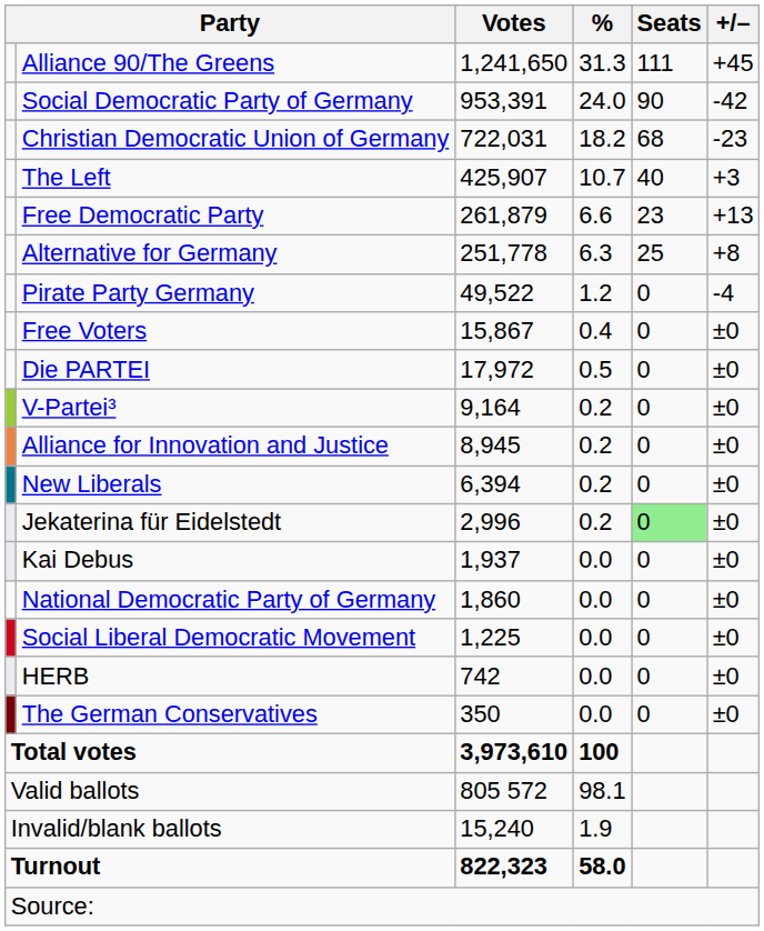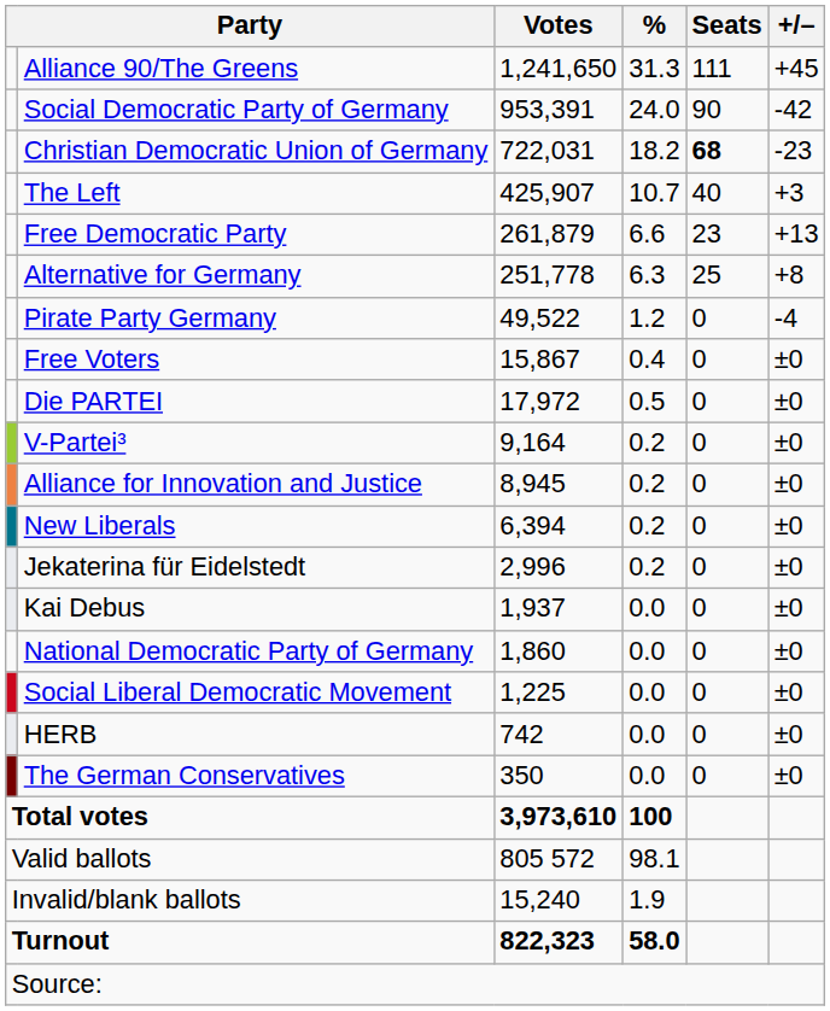 <table class="wikitable">
 <tr>
 <th colspan="2">Party</th>
 <th>Votes</th>
 <th>%</th>
 <th>Seats</th>
 <th>+/–</th>
 </tr>
 <tr>
 <td bgcolor=></td>
 <td><a href='#'>Alliance 90/The Greens</a></td>
 <td>1,241,650</td>
 <td>31.3</td>
 <td>111</td>
 <td>+45</td>
 </tr>
 <tr>
 <td bgcolor=></td>
 <td><a href='#'>Social Democratic Party of Germany</a></td>
 <td>953,391</td>
 <td>24.0</td>
 <td>90</td>
 <td>-42</td>
 </tr>
 <tr>
 <td bgcolor=></td>
 <td><a href='#'>Christian Democratic Union of Germany</a></td>
 <td>722,031</td>
 <td>18.2</td>
-<td>68</td>
+<td><strong>68</strong></td>
 <td>-23</td>
 </tr>
 <tr>
 <td bgcolor=></td>
 <td><a href='#'>The Left</a></td>
 <td>425,907</td>
 <td>10.7</td>
 <td>40</td>
 <td>+3</td>
 </tr>
 <tr>
 <td></td>
 <td><a href='#'>Free Democratic Party</a></td>
 <td>261,879</td>
 <td>6.6</td>
 <td>23</td>
 <td>+13</td>
 </tr>
 <tr>
 <td></td>
 <td><a href='#'>Alternative for Germany</a></td>
 <td>251,778</td>
 <td>6.3</td>
 <td>25</td>
 <td>+8</td>
 </tr>
 <tr>
 <td></td>
 <td><a href='#'>Pirate Party Germany</a></td>
 <td>49,522</td>
 <td>1.2</td>
 <td>0</td>
 <td>-4</td>
 </tr>
 <tr>
 <td></td>
 <td><a href='#'>Free Voters</a></td>
 <td>15,867</td>
 <td>0.4</td>
 <td>0</td>
 <td>±0</td>
 </tr>
 <tr 00758C>
 <td bgcolor=></td>
 <td><a href='#'>Die PARTEI</a></td>
 <td>17,972</td>
 <td>0.5</td>
 <td>0</td>
 <td>±0</td>
 </tr>
 <tr>
 <td bgcolor=#99CC33></td>
 <td><a href='#'>V-Partei³</a></td>
 <td>9,164</td>
 <td>0.2</td>
 <td>0</td>
 <td>±0</td>
 </tr>
 <tr>
 <td bgcolor=#EE8143></td>
 <td><a href='#'>Alliance for Innovation and Justice</a></td>
 <td>8,945</td>
 <td>0.2</td>
 <td>0</td>
 <td>±0</td>
 </tr>
 <tr>
 <td bgcolor=#00758C></td>
 <td><a href='#'>New Liberals</a></td>
 <td>6,394</td>
 <td>0.2</td>
 <td>0</td>
 <td>±0</td>
 </tr>
 <tr>
 <td bgcolor=#EAECF0></td>
 <td>Jekaterina für Eidelstedt</td>
 <td>2,996</td>
 <td>0.2</td>
-<td style="background: lightgreen;">0</td>
+<td>0</td>
 <td>±0</td>
 </tr>
 <tr>
 <td bgcolor=#EAECF0></td>
 <td>Kai Debus</td>
 <td>1,937</td>
 <td>0.0</td>
 <td>0</td>
 <td>±0</td>
 </tr>
 <tr>
 <td></td>
 <td><a href='#'>National Democratic Party of Germany</a></td>
 <td>1,860</td>
 <td>0.0</td>
 <td>0</td>
 <td>±0</td>
 </tr>
 <tr>
 <td bgcolor=#CC071E></td>
 <td><a href='#'>Social Liberal Democratic Movement</a></td>
 <td>1,225</td>
 <td>0.0</td>
 <td>0</td>
 <td>±0</td>
 </tr>
 <tr>
 <td bgcolor=#EAECF0></td>
 <td>HERB</td>
 <td>742</td>
 <td>0.0</td>
 <td>0</td>
 <td>±0</td>
 </tr>
 <tr>
 <td bgcolor=#770000></td>
 <td><a href='#'>The German Conservatives</a></td>
 <td>350</td>
 <td>0.0</td>
 <td>0</td>
 <td>±0</td>
 </tr>
 <tr>
 <td colspan="2"><strong>Total votes</strong></td>
 <td><strong>3,973,610</strong></td>
 <td><strong>100</strong></td>
 <td></td>
 <td></td>
 </tr>
 <tr>
 <td colspan="2">Valid ballots</td>
 <td>805 572</td>
 <td>98.1</td>
 <td></td>
 <td></td>
 </tr>
 <tr>
 <td colspan="2">Invalid/blank ballots</td>
 <td>15,240</td>
 <td>1.9</td>
 <td></td>
 <td></td>
 </tr>
 <tr>
 <td colspan="2"><strong>Turnout</strong></td>
 <td><strong>822,323</strong></td>
 <td><strong>58.0</strong></td>
 <td></td>
 <td></td>
 </tr>
 <tr>
 <td colspan="6">Source: </td>
 </tr>
 </table>
